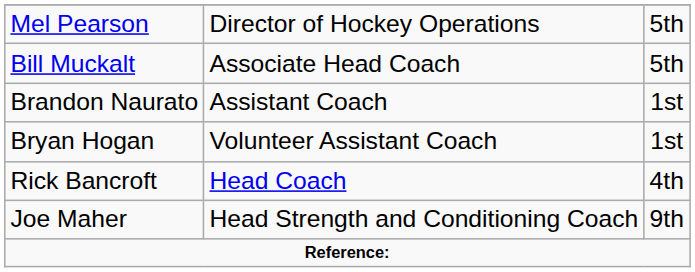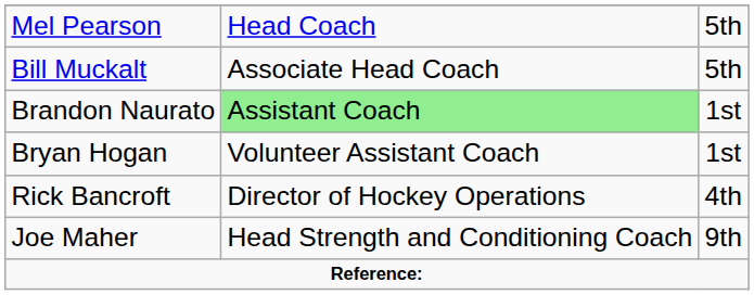 <table class="wikitable">
 <tr>
 </tr>
 <tr>
 <td><a href='#'>Mel Pearson</a></td>
-<td>Director of Hockey Operations</td>
+<td><a href='#'>Head Coach</a></td>
 <td align=center>5th</td>
 </tr>
 <tr>
 <td><a href='#'>Bill Muckalt</a></td>
 <td>Associate Head Coach</td>
 <td align=center>5th</td>
 </tr>
 <tr>
 <td>Brandon Naurato</td>
-<td>Assistant Coach</td>
+<td style="background: lightgreen;">Assistant Coach</td>
 <td align=center>1st</td>
 </tr>
 <tr>
 <td>Bryan Hogan</td>
 <td>Volunteer Assistant Coach</td>
 <td align=center>1st</td>
 </tr>
 <tr>
 <td>Rick Bancroft</td>
-<td><a href='#'>Head Coach</a></td>
+<td>Director of Hockey Operations</td>
 <td align=center>4th</td>
 </tr>
 <tr>
 <td>Joe Maher</td>
 <td>Head Strength and Conditioning Coach</td>
 <td align=center>9th</td>
 </tr>
 <tr>
 <td colspan="4"  style="font-size:8pt; text-align:center;"><strong>Reference:</strong></td>
 </tr>
 </table>
